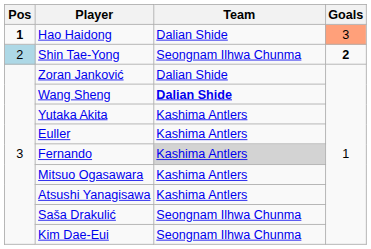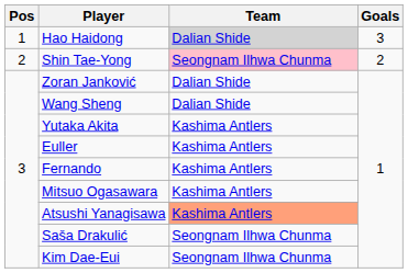 <table class="wikitable" style="text-align:center; font-size:95%;">
 <tr>
 <th width=30 abbr="Position">Pos</th>
 <th>Player</th>
 <th width=200>Team</th>
 <th>Goals</th>
 </tr>
 <tr>
-<td><strong>1</strong></td>
+<td>1</td>
 <td align=left> <a href='#'>Hao Haidong</a></td>
-<td align=left> <a href='#'>Dalian Shide</a></td>
-<td style="background: lightsalmon;">3</td>
+<td align=left style="background: lightgrey;"> <a href='#'>Dalian Shide</a></td>
+<td>3</td>
 </tr>
 <tr>
-<td style="background: lightblue;">2</td>
+<td>2</td>
 <td align=left> <a href='#'>Shin Tae-Yong</a></td>
-<td align=left> <a href='#'>Seongnam Ilhwa Chunma</a></td>
-<td><strong>2</strong></td>
+<td align=left style="background: pink;"> <a href='#'>Seongnam Ilhwa Chunma</a></td>
+<td>2</td>
 </tr>
 <tr>
 <td rowspan=9>3</td>
 <td align=left> <a href='#'>Zoran Janković</a></td>
 <td align=left> <a href='#'>Dalian Shide</a></td>
 <td rowspan=9>1</td>
 </tr>
 <tr>
 <td align=left> <a href='#'>Wang Sheng</a></td>
-<td align=left><strong> <a href='#'>Dalian Shide</a></strong></td>
+<td align=left> <a href='#'>Dalian Shide</a></td>
 </tr>
 <tr>
 <td align=left> <a href='#'>Yutaka Akita</a></td>
 <td align=left> <a href='#'>Kashima Antlers</a></td>
 </tr>
 <tr>
 <td align=left> <a href='#'>Euller</a></td>
 <td align=left> <a href='#'>Kashima Antlers</a></td>
 </tr>
 <tr>
 <td align=left> <a href='#'>Fernando</a></td>
-<td align=left style="background: lightgrey;"> <a href='#'>Kashima Antlers</a></td>
+<td align=left> <a href='#'>Kashima Antlers</a></td>
 </tr>
 <tr>
 <td align=left> <a href='#'>Mitsuo Ogasawara</a></td>
 <td align=left> <a href='#'>Kashima Antlers</a></td>
 </tr>
 <tr>
 <td align=left> <a href='#'>Atsushi Yanagisawa</a></td>
-<td align=left> <a href='#'>Kashima Antlers</a></td>
+<td align=left style="background: lightsalmon;"> <a href='#'>Kashima Antlers</a></td>
 </tr>
 <tr>
 <td align=left> <a href='#'>Saša Drakulić</a></td>
 <td align=left> <a href='#'>Seongnam Ilhwa Chunma</a></td>
 </tr>
 <tr>
 <td align=left> <a href='#'>Kim Dae-Eui</a></td>
 <td align=left> <a href='#'>Seongnam Ilhwa Chunma</a></td>
 </tr>
 </table>
